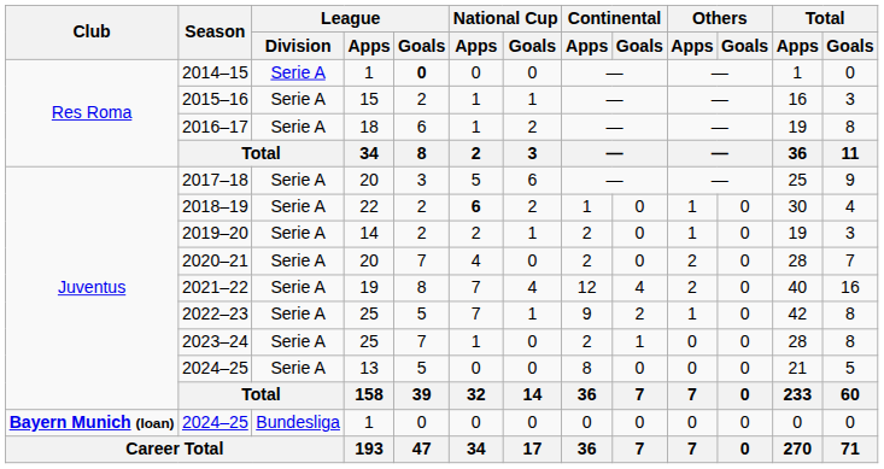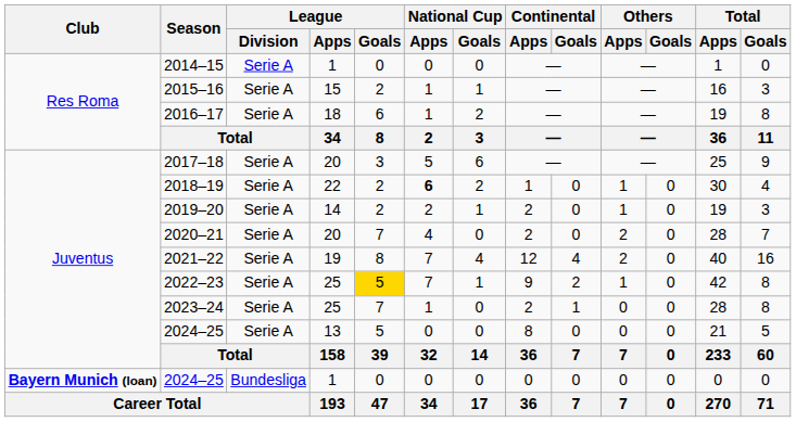 <table class="wikitable" style="text-align:center">
 <tr>
 <th rowspan="2">Club</th>
 <th rowspan="2">Season</th>
 <th colspan="3">League</th>
 <th colspan="2">National Cup</th>
 <th colspan="2">Continental</th>
 <th colspan="2">Others</th>
 <th colspan="2">Total</th>
 </tr>
 <tr>
 <th>Division</th>
 <th>Apps</th>
 <th>Goals</th>
 <th>Apps</th>
 <th>Goals</th>
 <th>Apps</th>
 <th>Goals</th>
 <th>Apps</th>
 <th>Goals</th>
 <th>Apps</th>
 <th>Goals</th>
 </tr>
 <tr>
 <td rowspan="4"><a href='#'>Res Roma</a></td>
 <td>2014–15</td>
 <td><a href='#'>Serie A</a></td>
 <td>1</td>
-<td><strong>0</strong></td>
+<td>0</td>
 <td>0</td>
 <td>0</td>
 <td colspan="2">—</td>
 <td colspan="2">—</td>
 <td>1</td>
 <td>0</td>
 </tr>
 <tr>
 <td>2015–16</td>
 <td>Serie A</td>
 <td>15</td>
 <td>2</td>
 <td>1</td>
 <td>1</td>
 <td colspan="2">—</td>
 <td colspan="2">—</td>
 <td>16</td>
 <td>3</td>
 </tr>
 <tr>
 <td>2016–17</td>
 <td>Serie A</td>
 <td>18</td>
 <td>6</td>
 <td>1</td>
 <td>2</td>
 <td colspan="2">—</td>
 <td colspan="2">—</td>
 <td>19</td>
 <td>8</td>
 </tr>
 <tr>
 <th colspan="2">Total</th>
 <th>34</th>
 <th>8</th>
 <th>2</th>
 <th>3</th>
 <th colspan="2">—</th>
 <th colspan="2">—</th>
 <th>36</th>
 <th>11</th>
 </tr>
 <tr>
 <td rowspan="9"><a href='#'>Juventus</a></td>
 <td>2017–18</td>
 <td>Serie A</td>
 <td>20</td>
 <td>3</td>
 <td>5</td>
 <td>6</td>
 <td colspan="2">—</td>
 <td colspan="2">—</td>
 <td>25</td>
 <td>9</td>
 </tr>
 <tr>
 <td>2018–19</td>
 <td>Serie A</td>
 <td>22</td>
 <td>2</td>
 <td><strong>6</strong></td>
 <td>2</td>
 <td>1</td>
 <td>0</td>
 <td>1</td>
 <td>0</td>
 <td>30</td>
 <td>4</td>
 </tr>
 <tr>
 <td>2019–20</td>
 <td>Serie A</td>
 <td>14</td>
 <td>2</td>
 <td>2</td>
 <td>1</td>
 <td>2</td>
 <td>0</td>
 <td>1</td>
 <td>0</td>
 <td>19</td>
 <td>3</td>
 </tr>
 <tr>
 <td>2020–21</td>
 <td>Serie A</td>
 <td>20</td>
 <td>7</td>
 <td>4</td>
 <td>0</td>
 <td>2</td>
 <td>0</td>
 <td>2</td>
 <td>0</td>
 <td>28</td>
 <td>7</td>
 </tr>
 <tr>
 <td>2021–22</td>
 <td>Serie A</td>
 <td>19</td>
 <td>8</td>
 <td>7</td>
 <td>4</td>
 <td>12</td>
 <td>4</td>
 <td>2</td>
 <td>0</td>
 <td>40</td>
 <td>16</td>
 </tr>
 <tr>
 <td>2022–23</td>
 <td>Serie A</td>
 <td>25</td>
-<td>5</td>
+<td style="background: gold;">5</td>
 <td>7</td>
 <td>1</td>
 <td>9</td>
 <td>2</td>
 <td>1</td>
 <td>0</td>
 <td>42</td>
 <td>8</td>
 </tr>
 <tr>
 <td>2023–24</td>
 <td>Serie A</td>
 <td>25</td>
 <td>7</td>
 <td>1</td>
 <td>0</td>
 <td>2</td>
 <td>1</td>
 <td>0</td>
 <td>0</td>
 <td>28</td>
 <td>8</td>
 </tr>
 <tr>
 <td>2024–25</td>
 <td>Serie A</td>
 <td>13</td>
 <td>5</td>
 <td>0</td>
 <td>0</td>
 <td>8</td>
 <td>0</td>
 <td>0</td>
 <td>0</td>
 <td>21</td>
 <td>5</td>
 </tr>
 <tr>
 <th colspan="2">Total</th>
 <th>158</th>
 <th>39</th>
 <th>32</th>
 <th>14</th>
 <th>36</th>
 <th>7</th>
 <th>7</th>
 <th>0</th>
 <th>233</th>
 <th>60</th>
 </tr>
 <tr>
 <td><strong><a href='#'>Bayern Munich</a> <small>(loan)</small></strong></td>
 <td><a href='#'>2024–25</a></td>
 <td><a href='#'>Bundesliga</a></td>
 <td>1</td>
 <td>0</td>
 <td>0</td>
 <td>0</td>
 <td>0</td>
 <td>0</td>
 <td>0</td>
 <td>0</td>
 <td>0</td>
 <td>0</td>
 </tr>
 <tr>
 <th colspan="3">Career Total</th>
 <th>193</th>
 <th>47</th>
 <th>34</th>
 <th>17</th>
 <th>36</th>
 <th>7</th>
 <th>7</th>
 <th>0</th>
 <th>270</th>
 <th>71</th>
 </tr>
 </table>
